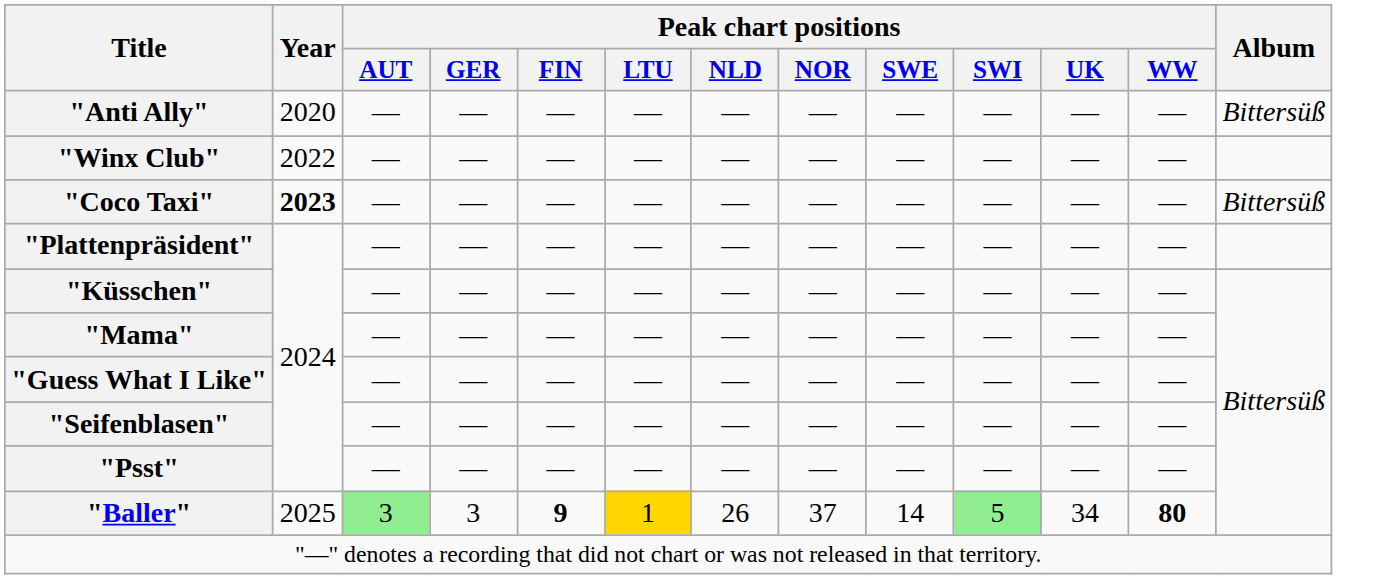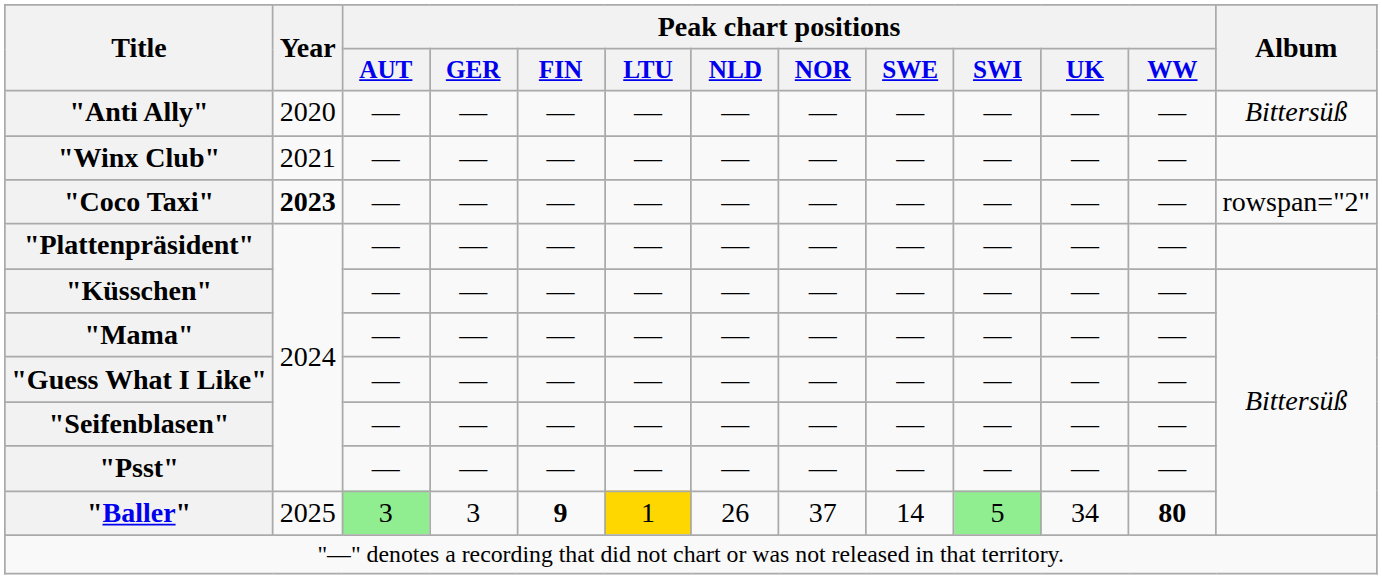 <table class="wikitable plainrowheaders" style="text-align:center;">
 <tr>
 <th scope="col" rowspan="2">Title</th>
 <th scope="col" rowspan="2">Year</th>
 <th scope="col" colspan="10">Peak chart positions</th>
 <th scope="col" rowspan="2">Album</th>
 </tr>
 <tr>
 <th scope="col" style="width:3em;font-size:90%;"><a href='#'>AUT</a><br></th>
 <th scope="col" style="width:3em;font-size:90%;"><a href='#'>GER</a><br></th>
 <th scope="col" style="width:3em;font-size:90%;"><a href='#'>FIN</a><br></th>
 <th scope="col" style="width:3em;font-size:90%;"><a href='#'>LTU</a><br></th>
 <th scope="col" style="width:3em;font-size:90%;"><a href='#'>NLD</a><br></th>
 <th scope="col" style="width:3em;font-size:90%;"><a href='#'>NOR</a><br></th>
 <th scope="col" style="width:3em;font-size:90%;"><a href='#'>SWE</a><br></th>
 <th scope="col" style="width:3em;font-size:90%;"><a href='#'>SWI</a><br></th>
 <th scope="col" style="width:3em;font-size:90%;"><a href='#'>UK</a><br></th>
 <th scope="col" style="width:3em;font-size:90%;"><a href='#'>WW</a><br></th>
 </tr>
 <tr>
 <th scope="row">"Anti Ally"</th>
 <td>2020</td>
 <td>—</td>
 <td>—</td>
 <td>—</td>
 <td>—</td>
 <td>—</td>
 <td>—</td>
 <td>—</td>
 <td>—</td>
 <td>—</td>
 <td>—</td>
 <td><em>Bittersüß</em></td>
 </tr>
 <tr>
 <th scope="row">"Winx Club"</th>
-<td>2022</td>
+<td>2021</td>
 <td>—</td>
 <td>—</td>
 <td>—</td>
 <td>—</td>
 <td>—</td>
 <td>—</td>
 <td>—</td>
 <td>—</td>
 <td>—</td>
 <td>—</td>
 </tr>
 <tr>
 <th scope="row">"Coco Taxi"</th>
 <td><strong>2023</strong></td>
 <td>—</td>
 <td>—</td>
 <td>—</td>
 <td>—</td>
 <td>—</td>
 <td>—</td>
 <td>—</td>
 <td>—</td>
 <td>—</td>
 <td>—</td>
-<td><em>Bittersüß</em></td>
+<td>rowspan="2" </td>
 </tr>
 <tr>
 <th scope="row">"Plattenpräsident"</th>
 <td rowspan="6">2024</td>
 <td>—</td>
 <td>—</td>
 <td>—</td>
 <td>—</td>
 <td>—</td>
 <td>—</td>
 <td>—</td>
 <td>—</td>
 <td>—</td>
 <td>—</td>
 <td></td>
 </tr>
 <tr>
 <th scope="row">"Küsschen"</th>
 <td>—</td>
 <td>—</td>
 <td>—</td>
 <td>—</td>
 <td>—</td>
 <td>—</td>
 <td>—</td>
 <td>—</td>
 <td>—</td>
 <td>—</td>
 <td rowspan="6"><em>Bittersüß</em></td>
 </tr>
 <tr>
 <th scope="row">"Mama"</th>
 <td>—</td>
 <td>—</td>
 <td>—</td>
 <td>—</td>
 <td>—</td>
 <td>—</td>
 <td>—</td>
 <td>—</td>
 <td>—</td>
 <td>—</td>
 </tr>
 <tr>
 <th scope="row">"Guess What I Like"</th>
 <td>—</td>
 <td>—</td>
 <td>—</td>
 <td>—</td>
 <td>—</td>
 <td>—</td>
 <td>—</td>
 <td>—</td>
 <td>—</td>
 <td>—</td>
 </tr>
 <tr>
 <th scope="row">"Seifenblasen"</th>
 <td>—</td>
 <td>—</td>
 <td>—</td>
 <td>—</td>
 <td>—</td>
 <td>—</td>
 <td>—</td>
 <td>—</td>
 <td>—</td>
 <td>—</td>
 </tr>
 <tr>
 <th scope="row">"Psst"</th>
 <td>—</td>
 <td>—</td>
 <td>—</td>
 <td>—</td>
 <td>—</td>
 <td>—</td>
 <td>—</td>
 <td>—</td>
 <td>—</td>
 <td>—</td>
 </tr>
 <tr>
 <th scope="row">"<a href='#'>Baller</a>"</th>
 <td>2025</td>
 <td style="background: lightgreen;">3</td>
 <td>3</td>
 <td><strong>9</strong></td>
 <td style="background: gold;">1</td>
 <td>26</td>
 <td>37</td>
 <td>14</td>
 <td style="background: lightgreen;">5</td>
 <td>34</td>
 <td><strong>80</strong></td>
 </tr>
 <tr>
 <td colspan="13" style="font-size:85%">"—" denotes a recording that did not chart or was not released in that territory.</td>
 </tr>
 </table>
